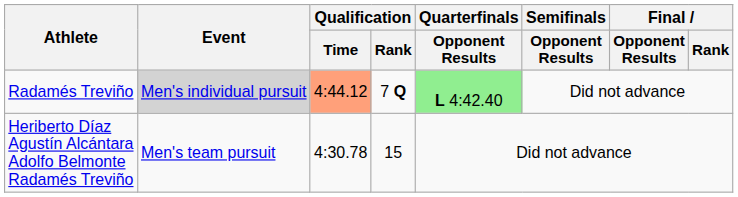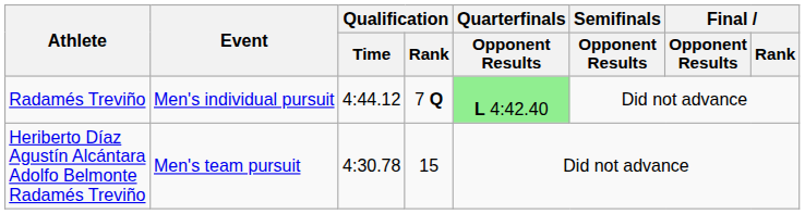 <table class=wikitable style="font-size:90%">
 <tr>
 <th rowspan="2">Athlete</th>
 <th rowspan="2">Event</th>
 <th colspan="2">Qualification</th>
 <th>Quarterfinals</th>
 <th>Semifinals</th>
 <th colspan="2">Final / </th>
 </tr>
 <tr style="font-size:95%">
 <th>Time</th>
 <th>Rank</th>
 <th>Opponent<br>Results</th>
 <th>Opponent<br>Results</th>
 <th>Opponent<br>Results</th>
 <th>Rank</th>
 </tr>
 <tr align=center>
 <td align=left><a href='#'>Radamés Treviño</a></td>
-<td align=left style="background: lightgrey;"><a href='#'>Men's individual pursuit</a></td>
-<td style="background: lightsalmon;">4:44.12</td>
+<td align=left><a href='#'>Men's individual pursuit</a></td>
+<td>4:44.12</td>
 <td>7 <strong>Q</strong></td>
 <td style="background: lightgreen;"><br> <strong>L</strong> 4:42.40</td>
 <td colspan=3>Did not advance</td>
 </tr>
 <tr align=center>
 <td align=left><a href='#'>Heriberto Díaz</a><br><a href='#'>Agustín Alcántara</a><br><a href='#'>Adolfo Belmonte</a><br><a href='#'>Radamés Treviño</a></td>
 <td align=left><a href='#'>Men's team pursuit</a></td>
 <td>4:30.78</td>
 <td>15</td>
 <td colspan=4>Did not advance</td>
 </tr>
 </table>
